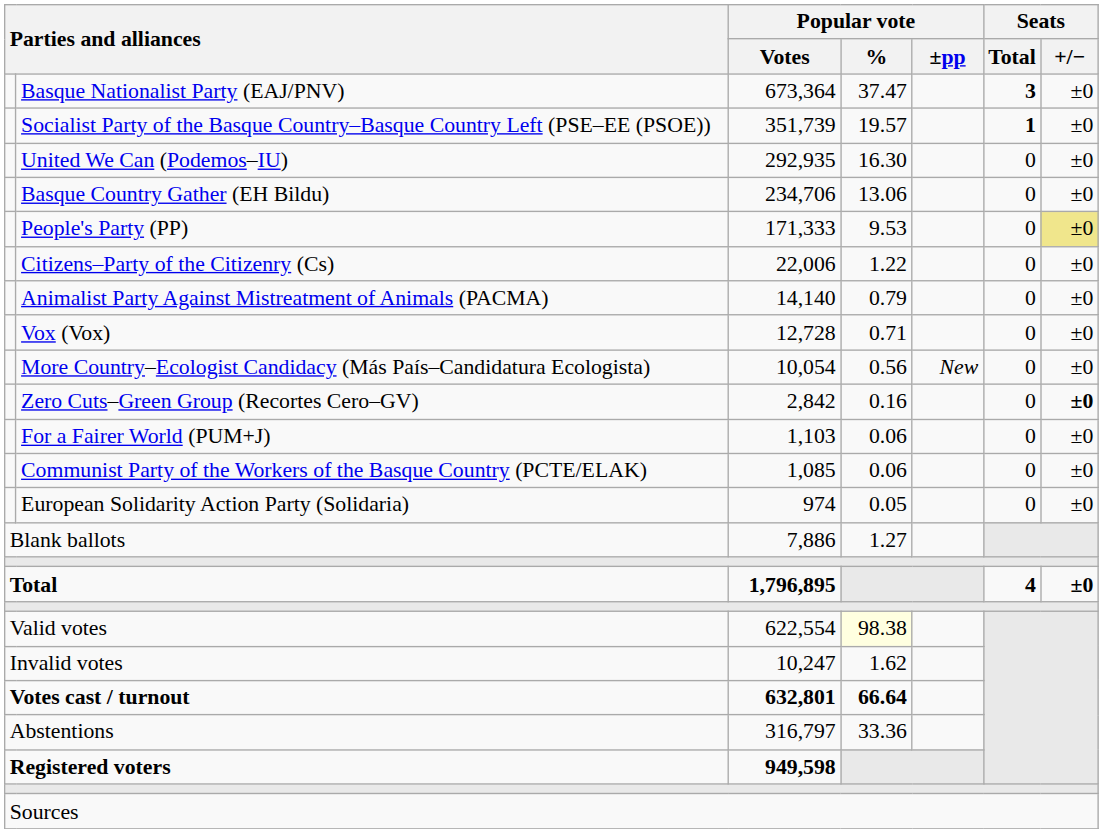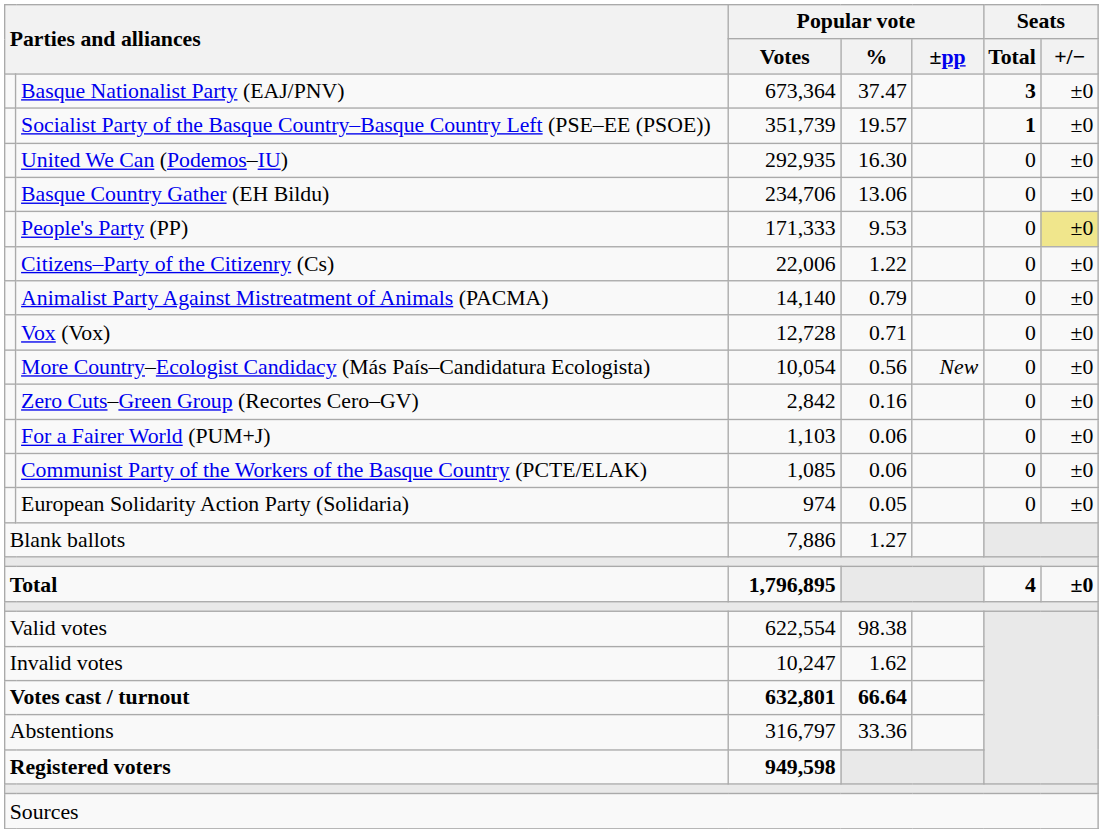 <table class="wikitable" style="text-align:right;">
 <tr>
 <th style="text-align:left;" rowspan="2" colspan="2" width="525">Parties and alliances</th>
 <th colspan="3">Popular vote</th>
 <th colspan="2">Seats</th>
 </tr>
 <tr>
 <th width="75">Votes</th>
 <th width="45">%</th>
 <th width="45">±<a href='#'>pp</a></th>
 <th width="35">Total</th>
 <th width="35">+/−</th>
 </tr>
 <tr>
 <td width="1" style="color:inherit;background:"></td>
 <td align="left"><a href='#'>Basque Nationalist Party</a> (EAJ/PNV)</td>
 <td>673,364</td>
 <td>37.47</td>
 <td></td>
 <td><strong>3</strong></td>
 <td>±0</td>
 </tr>
 <tr>
 <td style="color:inherit;background:"></td>
 <td align="left"><a href='#'>Socialist Party of the Basque Country–Basque Country Left</a> (PSE–EE (PSOE))</td>
 <td>351,739</td>
 <td>19.57</td>
 <td></td>
 <td><strong>1</strong></td>
 <td>±0</td>
 </tr>
 <tr>
 <td style="color:inherit;background:"></td>
 <td align="left"><a href='#'>United We Can</a> (<a href='#'>Podemos</a>–<a href='#'>IU</a>)</td>
 <td>292,935</td>
 <td>16.30</td>
 <td></td>
 <td>0</td>
 <td>±0</td>
 </tr>
 <tr>
 <td style="color:inherit;background:"></td>
 <td align="left"><a href='#'>Basque Country Gather</a> (EH Bildu)</td>
 <td>234,706</td>
 <td>13.06</td>
 <td></td>
 <td>0</td>
 <td>±0</td>
 </tr>
 <tr>
 <td style="color:inherit;background:"></td>
 <td align="left"><a href='#'>People's Party</a> (PP)</td>
 <td>171,333</td>
 <td>9.53</td>
 <td></td>
 <td>0</td>
 <td style="background: khaki;">±0</td>
 </tr>
 <tr>
 <td style="color:inherit;background:"></td>
 <td align="left"><a href='#'>Citizens–Party of the Citizenry</a> (Cs)</td>
 <td>22,006</td>
 <td>1.22</td>
 <td></td>
 <td>0</td>
 <td>±0</td>
 </tr>
 <tr>
 <td style="color:inherit;background:"></td>
 <td align="left"><a href='#'>Animalist Party Against Mistreatment of Animals</a> (PACMA)</td>
 <td>14,140</td>
 <td>0.79</td>
 <td></td>
 <td>0</td>
 <td>±0</td>
 </tr>
 <tr>
 <td style="color:inherit;background:"></td>
 <td align="left"><a href='#'>Vox</a> (Vox)</td>
 <td>12,728</td>
 <td>0.71</td>
 <td></td>
 <td>0</td>
 <td>±0</td>
 </tr>
 <tr>
 <td style="color:inherit;background:"></td>
 <td align="left"><a href='#'>More Country</a>–<a href='#'>Ecologist Candidacy</a> (Más País–Candidatura Ecologista)</td>
 <td>10,054</td>
 <td>0.56</td>
 <td><em>New</em></td>
 <td>0</td>
 <td>±0</td>
 </tr>
 <tr>
 <td style="color:inherit;background:"></td>
 <td align="left"><a href='#'>Zero Cuts</a>–<a href='#'>Green Group</a> (Recortes Cero–GV)</td>
 <td>2,842</td>
 <td>0.16</td>
 <td></td>
 <td>0</td>
-<td><strong>±0</strong></td>
+<td>±0</td>
 </tr>
 <tr>
 <td style="color:inherit;background:"></td>
 <td align="left"><a href='#'>For a Fairer World</a> (PUM+J)</td>
 <td>1,103</td>
 <td>0.06</td>
 <td></td>
 <td>0</td>
 <td>±0</td>
 </tr>
 <tr>
 <td style="color:inherit;background:"></td>
 <td align="left"><a href='#'>Communist Party of the Workers of the Basque Country</a> (PCTE/ELAK)</td>
 <td>1,085</td>
 <td>0.06</td>
 <td></td>
 <td>0</td>
 <td>±0</td>
 </tr>
 <tr>
 <td style="color:inherit;background:"></td>
 <td align="left">European Solidarity Action Party (Solidaria)</td>
 <td>974</td>
 <td>0.05</td>
 <td></td>
 <td>0</td>
 <td>±0</td>
 </tr>
 <tr>
 <td align="left" colspan="2">Blank ballots</td>
 <td>7,886</td>
 <td>1.27</td>
 <td></td>
 <td bgcolor="#E9E9E9" colspan="2"></td>
 </tr>
 <tr>
 <td colspan="7" bgcolor="#E9E9E9"></td>
 </tr>
 <tr style="font-weight:bold;">
 <td align="left" colspan="2">Total</td>
 <td>1,796,895</td>
 <td bgcolor="#E9E9E9" colspan="2"></td>
 <td>4</td>
 <td>±0</td>
 </tr>
 <tr>
 <td colspan="7" bgcolor="#E9E9E9"></td>
 </tr>
 <tr>
 <td align="left" colspan="2">Valid votes</td>
 <td>622,554</td>
-<td style="background: lightyellow;">98.38</td>
+<td>98.38</td>
 <td></td>
 <td bgcolor="#E9E9E9" colspan="2" rowspan="5"></td>
 </tr>
 <tr>
 <td align="left" colspan="2">Invalid votes</td>
 <td>10,247</td>
 <td>1.62</td>
 <td></td>
 </tr>
 <tr style="font-weight:bold;">
 <td align="left" colspan="2">Votes cast / turnout</td>
 <td>632,801</td>
 <td>66.64</td>
 <td></td>
 </tr>
 <tr>
 <td align="left" colspan="2">Abstentions</td>
 <td>316,797</td>
 <td>33.36</td>
 <td></td>
 </tr>
 <tr style="font-weight:bold;">
 <td align="left" colspan="2">Registered voters</td>
 <td>949,598</td>
 <td bgcolor="#E9E9E9" colspan="2"></td>
 </tr>
 <tr>
 <td colspan="7" bgcolor="#E9E9E9"></td>
 </tr>
 <tr>
 <td align="left" colspan="7">Sources</td>
 </tr>
 </table>
